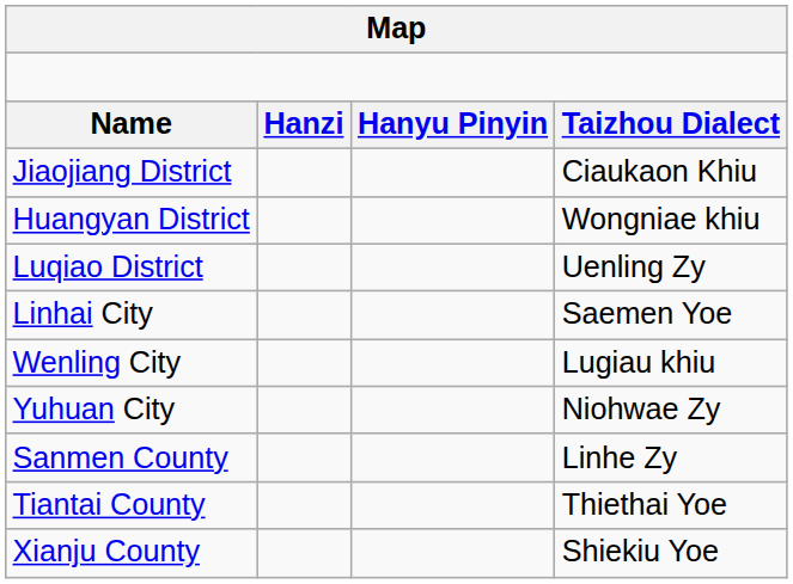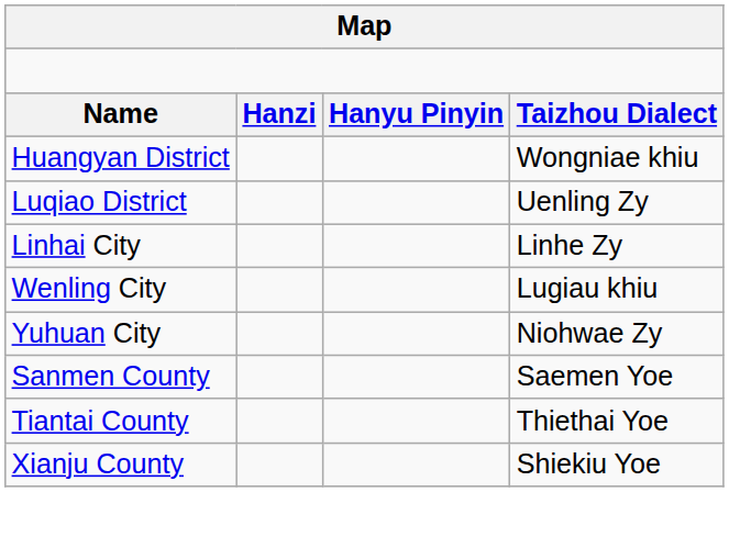 <table class="wikitable"   align=center>
 <tr>
 <th colspan="4" align="center">Map</th>
 </tr>
 <tr>
 <td colspan="4" align="center"><div><br>            </div></td>
 </tr>
 <tr>
 <th>Name</th>
 <th><a href='#'>Hanzi</a></th>
 <th><a href='#'>Hanyu Pinyin</a></th>
 <th><a href='#'>Taizhou Dialect</a></th>
-</tr>
-<tr>
-<td><a href='#'>Jiaojiang District</a></td>
-<td></td>
-<td></td>
-<td>Ciaukaon Khiu</td>
 </tr>
 <tr>
 <td><a href='#'>Huangyan District</a></td>
 <td></td>
 <td></td>
 <td>Wongniae khiu</td>
 </tr>
 <tr>
 <td><a href='#'>Luqiao District</a></td>
 <td></td>
 <td></td>
 <td>Uenling Zy</td>
 </tr>
 <tr>
 <td><a href='#'>Linhai</a> City</td>
 <td></td>
 <td></td>
-<td>Saemen Yoe</td>
+<td>Linhe Zy</td>
 </tr>
 <tr>
 <td><a href='#'>Wenling</a> City</td>
 <td></td>
 <td></td>
 <td>Lugiau khiu</td>
 </tr>
 <tr>
 <td><a href='#'>Yuhuan</a> City</td>
 <td></td>
 <td></td>
 <td>Niohwae Zy</td>
 </tr>
 <tr>
 <td><a href='#'>Sanmen County</a></td>
 <td></td>
 <td></td>
-<td>Linhe Zy</td>
+<td>Saemen Yoe</td>
 </tr>
 <tr>
 <td><a href='#'>Tiantai County</a></td>
 <td></td>
 <td></td>
 <td>Thiethai Yoe</td>
 </tr>
 <tr>
 <td><a href='#'>Xianju County</a></td>
 <td></td>
 <td></td>
 <td>Shiekiu Yoe</td>
 </tr>
 </table>
